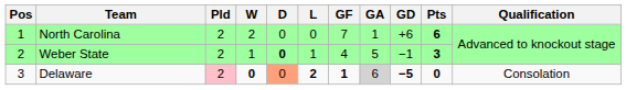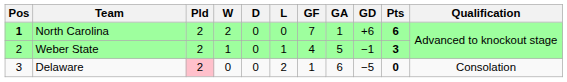 <table class="wikitable" style="text-align:center; margin: 1em auto">
 <tr>
 <th style=width:2em>Pos</th>
 <th style=width:13em>Team</th>
 <th style=width:2em>Pld</th>
 <th style=width:2em>W</th>
 <th style=width:2em>D</th>
 <th style=width:2em>L</th>
 <th style=width:2em>GF</th>
 <th style=width:2em>GA</th>
 <th style=width:2em>GD</th>
 <th style=width:2em>Pts</th>
 <th style=width:13em>Qualification</th>
 </tr>
 <tr bgcolor="#9eff9e">
-<td>1</td>
+<td><strong>1</strong></td>
 <td style="text-align:left">North Carolina</td>
 <td>2</td>
 <td>2</td>
 <td>0</td>
 <td>0</td>
 <td>7</td>
 <td>1</td>
 <td>+6</td>
 <td><strong>6</strong></td>
 <td rowspan="2">Advanced to knockout stage</td>
 </tr>
 <tr bgcolor="#9eff9e">
 <td>2</td>
 <td style="text-align:left">Weber State</td>
 <td>2</td>
 <td>1</td>
-<td><strong>0</strong></td>
+<td>0</td>
 <td>1</td>
 <td>4</td>
 <td>5</td>
 <td>−1</td>
 <td><strong>3</strong></td>
 </tr>
 <tr>
 <td>3</td>
 <td style="text-align:left">Delaware</td>
 <td style="background: pink;">2</td>
-<td><strong>0</strong></td>
-<td style="background: lightsalmon;">0</td>
-<td><strong>2</strong></td>
-<td><strong>1</strong></td>
-<td style="background: lightgrey;">6</td>
-<td><strong>−5</strong></td>
+<td>0</td>
+<td>0</td>
+<td>2</td>
+<td>1</td>
+<td>6</td>
+<td>−5</td>
 <td><strong>0</strong></td>
 <td>Consolation</td>
 </tr>
 </table>
